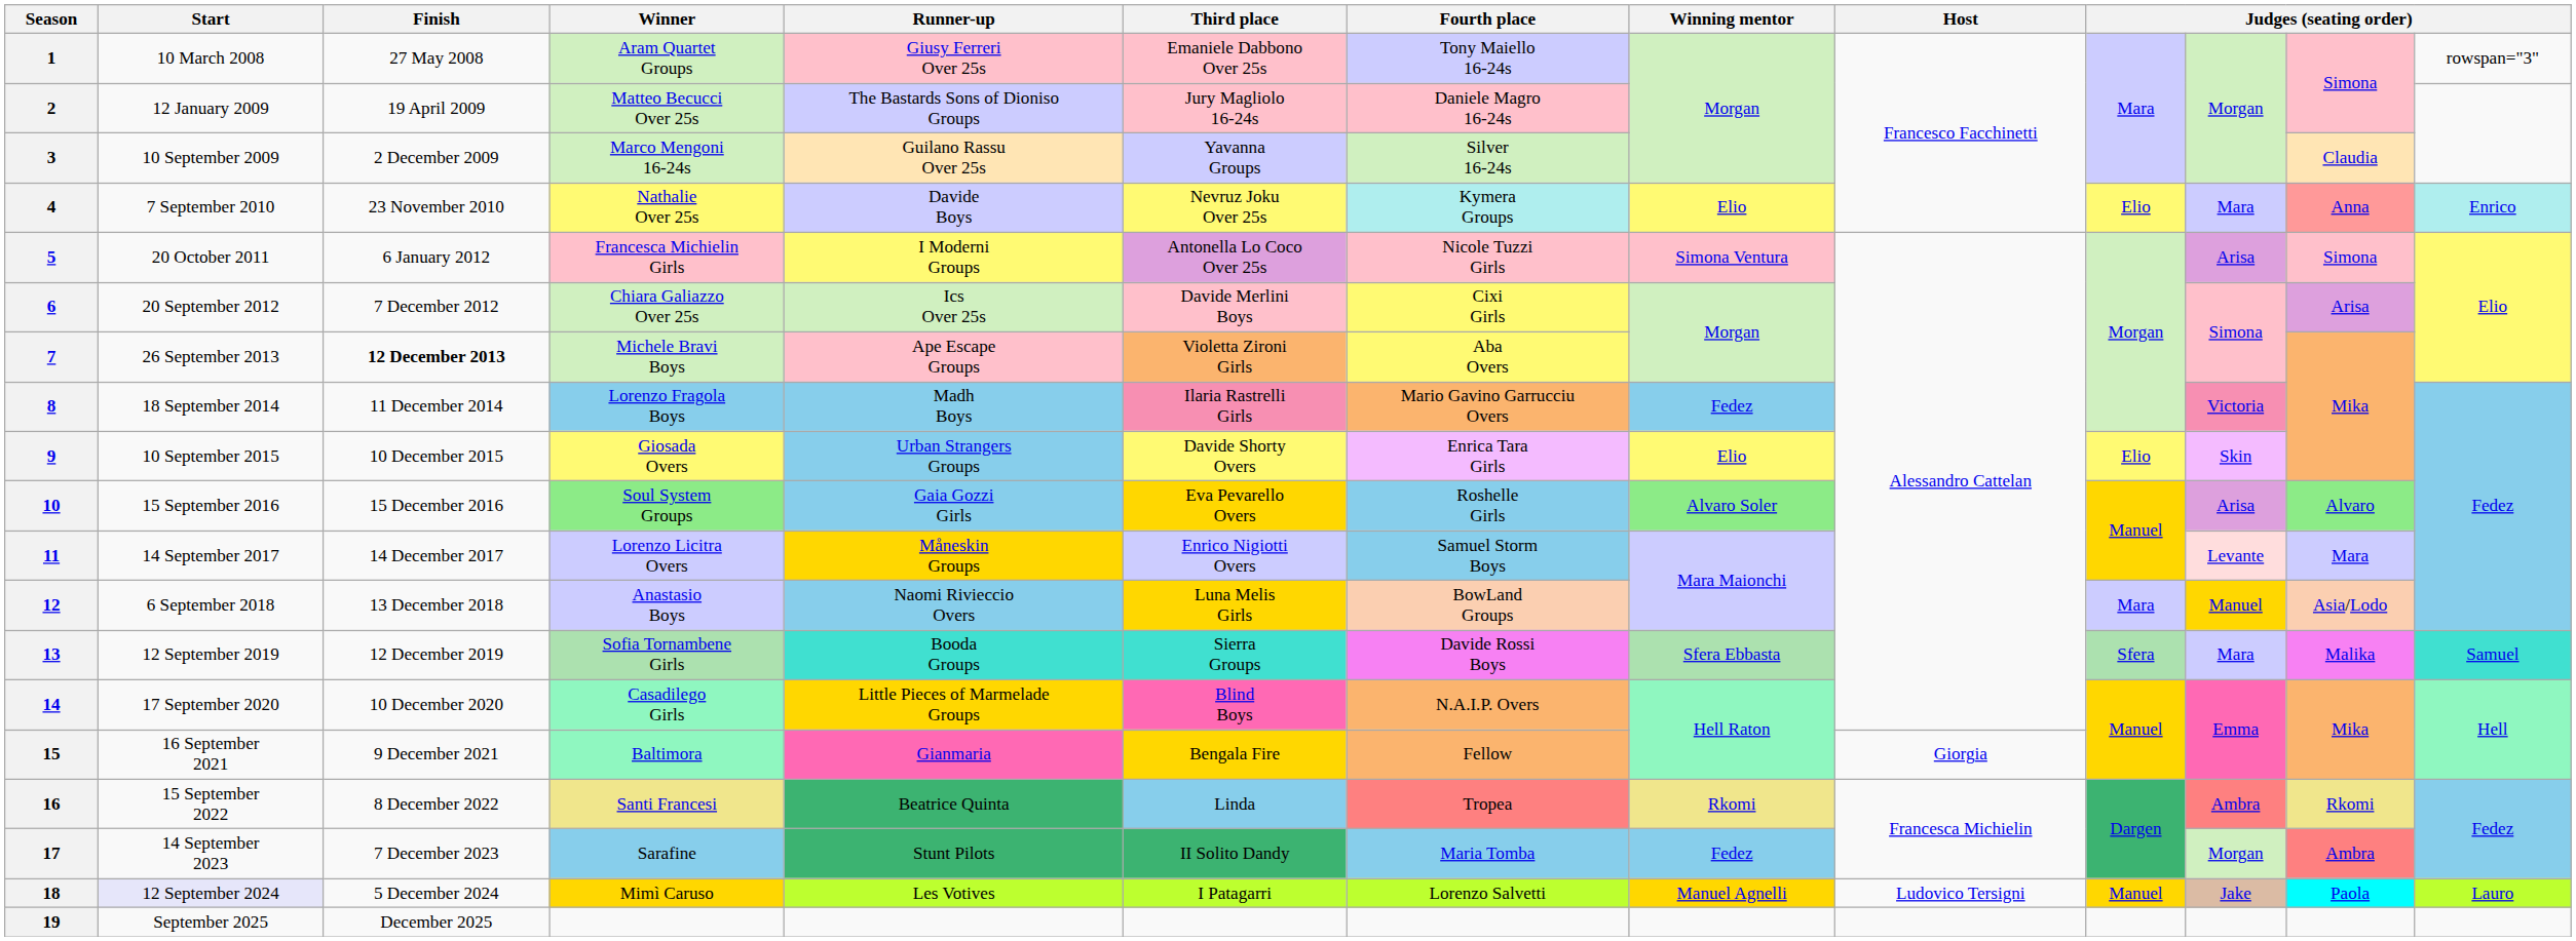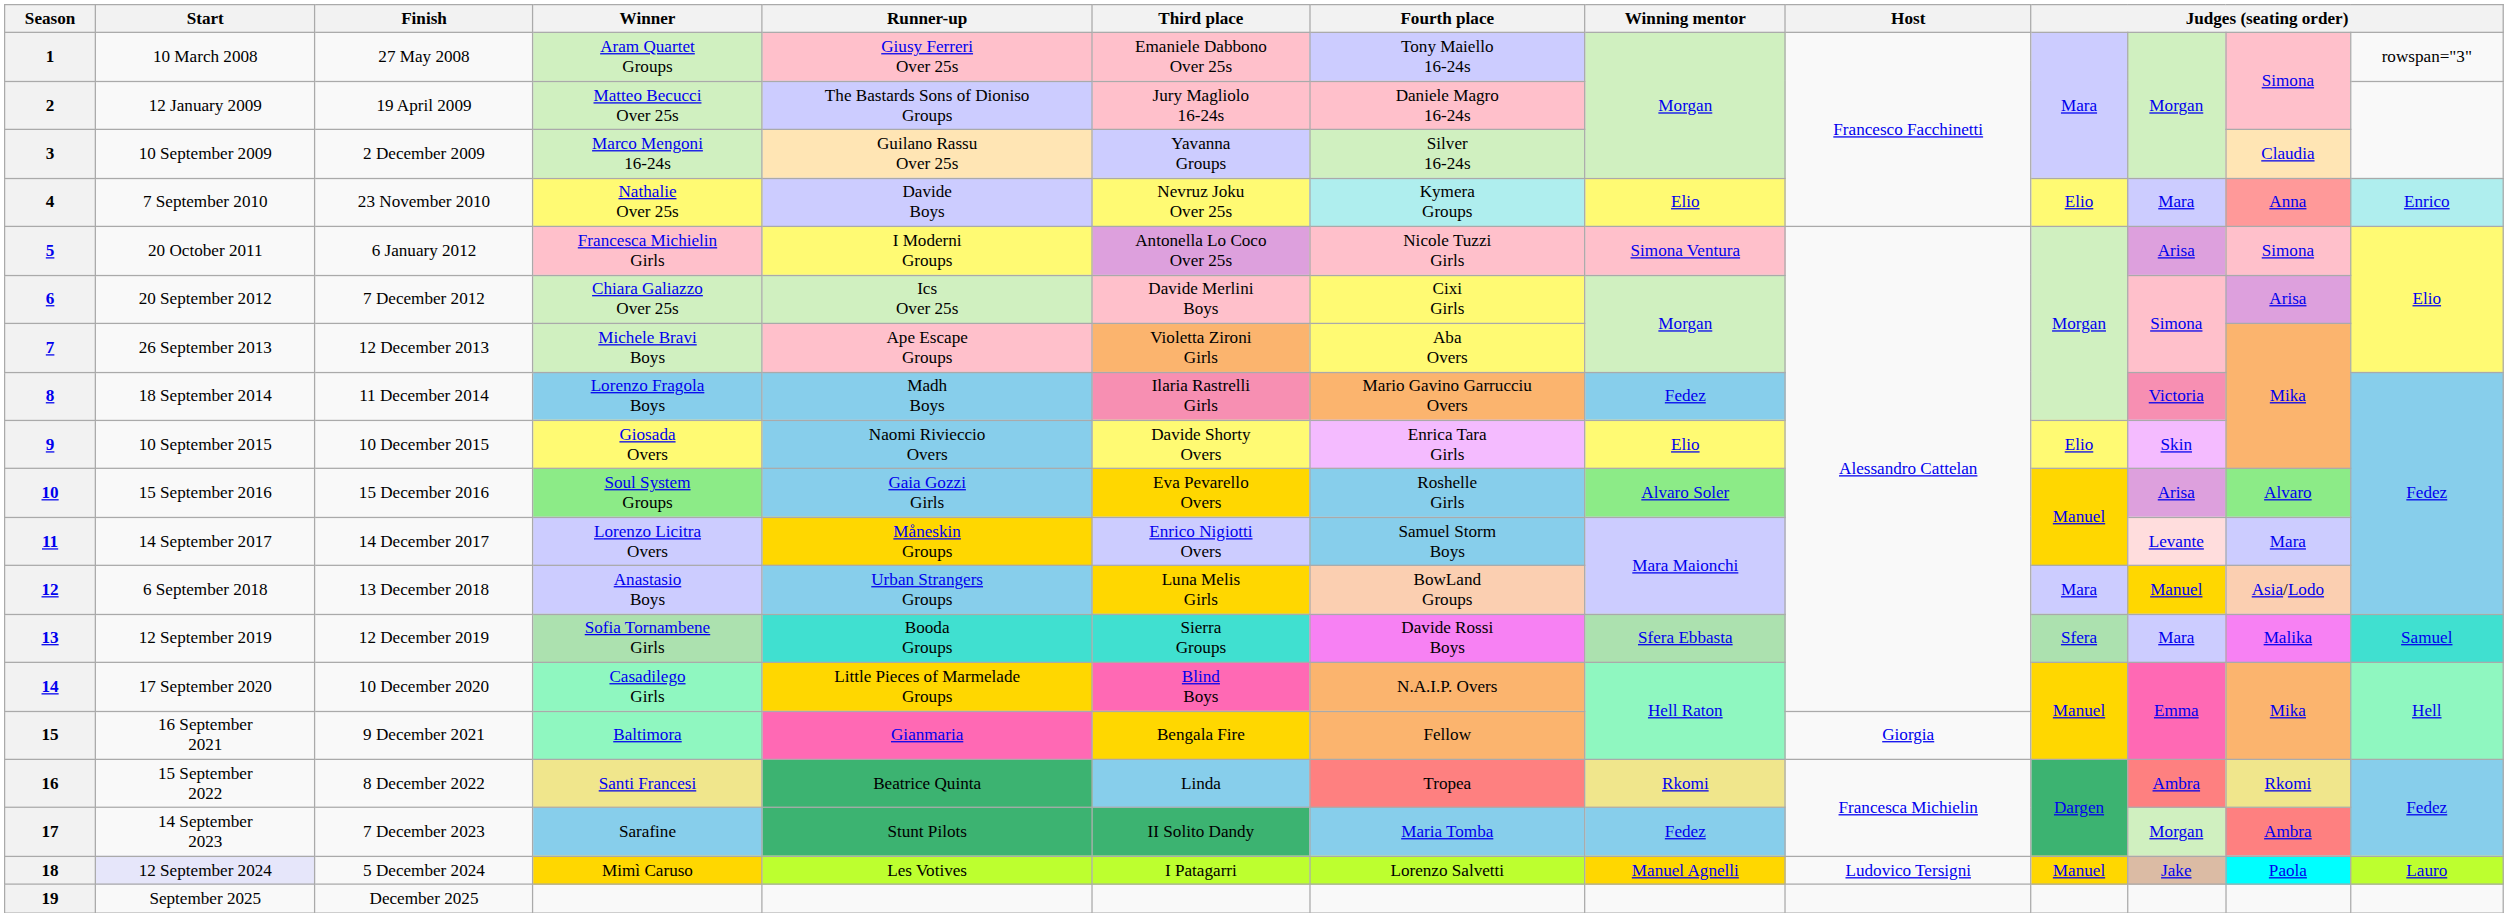 <table class="wikitable"  style="text-align:center; font-size:85%; line-height:16px; width:100%;">
 <tr>
 <th scope="col">Season</th>
 <th scope="col">Start</th>
 <th scope="col">Finish</th>
 <th scope="col">Winner</th>
 <th scope="col">Runner-up</th>
 <th scope="col">Third place</th>
 <th scope="col">Fourth place</th>
 <th scope="col">Winning mentor</th>
 <th scope="col">Host</th>
 <th scope="col" colspan="4">Judges (seating order)</th>
 </tr>
 <tr>
 <th scope="row">1</th>
 <td>10 March 2008</td>
 <td>27 May 2008</td>
 <td style="background:#d0f0c0;"><a href='#'>Aram Quartet</a><br>Groups</td>
 <td style="background:pink;"><a href='#'>Giusy Ferreri</a><br>Over 25s</td>
 <td style="background:pink;">Emaniele Dabbono<br>Over 25s</td>
 <td style="background:#ccf;">Tony Maiello<br>16-24s</td>
 <td rowspan="3" style="background:#d0f0c0;"><a href='#'>Morgan</a></td>
 <td rowspan="4"><a href='#'>Francesco Facchinetti</a></td>
 <td rowspan="3" style="background:#ccf;"><a href='#'>Mara</a></td>
 <td rowspan="3" style="background:#d0f0c0;"><a href='#'>Morgan</a></td>
 <td rowspan="2" style="background:pink;"><a href='#'>Simona</a></td>
 <td>rowspan="3" </td>
 </tr>
 <tr>
 <th scope="row">2</th>
 <td>12 January 2009</td>
 <td>19 April 2009</td>
 <td style="background:#d0f0c0;"><a href='#'>Matteo Becucci</a><br>Over 25s</td>
 <td style="background:#ccf;">The Bastards Sons of Dioniso<br>Groups</td>
 <td style="background:pink;">Jury Magliolo<br>16-24s</td>
 <td style="background:pink;">Daniele Magro<br>16-24s</td>
 </tr>
 <tr>
 <th scope="row">3</th>
 <td>10 September 2009</td>
 <td>2 December 2009</td>
 <td style="background:#d0f0c0;"><a href='#'>Marco Mengoni</a><br>16-24s</td>
 <td style="background:#ffe5b4;">Guilano Rassu<br>Over 25s</td>
 <td style="background:#ccf;">Yavanna<br>Groups</td>
 <td style="background:#d0f0c0;">Silver<br>16-24s</td>
 <td style="background:#ffe5b4;"><a href='#'>Claudia</a></td>
 </tr>
 <tr>
 <th scope="row">4</th>
 <td>7 September 2010</td>
 <td>23 November 2010</td>
 <td style="background:#fffa73;"><a href='#'>Nathalie</a><br>Over 25s</td>
 <td style="background:#ccf;">Davide<br>Boys</td>
 <td style="background:#fffa73;">Nevruz Joku<br>Over 25s</td>
 <td style="background:#afeeee;">Kymera<br>Groups</td>
 <td style="background:#fffa73;"><a href='#'>Elio</a></td>
 <td rowspan="1" style="background:#fffa73;"><a href='#'>Elio</a></td>
 <td rowspan="1" style="background:#ccf;"><a href='#'>Mara</a></td>
 <td style="background:#ff9999;"><a href='#'>Anna</a></td>
 <td style="background:#afeeee;"><a href='#'>Enrico</a></td>
 </tr>
 <tr>
 <th scope="row"><a href='#'>5</a></th>
 <td>20 October 2011</td>
 <td>6 January 2012</td>
 <td style="background:pink;"><a href='#'>Francesca Michielin</a><br>Girls</td>
 <td style="background:#fffa73;">I Moderni<br>Groups</td>
 <td style="background:#dda0dd;">Antonella Lo Coco<br>Over 25s</td>
 <td style="background:pink;">Nicole Tuzzi<br>Girls</td>
 <td style="background:pink;"><a href='#'>Simona Ventura</a></td>
 <td rowspan="10"><a href='#'>Alessandro Cattelan</a></td>
 <td rowspan="4" style="background:#d0f0c0;"><a href='#'>Morgan</a></td>
 <td rowspan="1" style="background:#dda0dd;"><a href='#'>Arisa</a></td>
 <td rowspan="1" style="background:pink;"><a href='#'>Simona</a></td>
 <td rowspan="3" style="background:#fffa73;"><a href='#'>Elio</a></td>
 </tr>
 <tr>
 <th scope="row"><a href='#'>6</a></th>
 <td>20 September 2012</td>
 <td>7 December 2012</td>
 <td style="background:#d0f0c0;"><a href='#'>Chiara Galiazzo</a><br>Over 25s</td>
 <td style="background:#d0f0c0;">Ics<br>Over 25s</td>
 <td style="background:pink;">Davide Merlini<br>Boys</td>
 <td style="background:#fffa73;">Cixi<br>Girls</td>
 <td rowspan="2" style="background:#d0f0c0;"><a href='#'>Morgan</a></td>
 <td rowspan="2" style="background:pink;"><a href='#'>Simona</a></td>
 <td rowspan="1" style="background:#dda0dd;"><a href='#'>Arisa</a></td>
 </tr>
 <tr>
 <th scope="row"><a href='#'>7</a></th>
 <td>26 September 2013</td>
-<td><strong>12 December 2013</strong></td>
+<td>12 December 2013</td>
 <td style="background:#d0f0c0;"><a href='#'>Michele Bravi</a><br>Boys</td>
 <td style="background:pink;">Ape Escape<br>Groups</td>
 <td style="background:#fbb46e;">Violetta Zironi<br>Girls</td>
 <td style="background:#fffa73;">Aba<br>Overs</td>
 <td rowspan="3" style="background:#fbb46e;"><a href='#'>Mika</a></td>
 </tr>
 <tr>
 <th scope="row"><a href='#'>8</a></th>
 <td>18 September 2014</td>
 <td>11 December 2014</td>
 <td style="background:#87ceeb;"><a href='#'>Lorenzo Fragola</a><br>Boys</td>
 <td style="background:#87ceeb;">Madh<br>Boys</td>
 <td style="background:#f78fb2;">Ilaria Rastrelli<br>Girls</td>
 <td style="background:#fbb46e;">Mario Gavino Garrucciu<br>Overs</td>
 <td style="background:#87ceeb;"><a href='#'>Fedez</a></td>
 <td style="background:#f78fb2;"><a href='#'>Victoria</a></td>
 <td rowspan="5" style="background:#87ceeb;"><a href='#'>Fedez</a></td>
 </tr>
 <tr>
 <th scope="row"><a href='#'>9</a></th>
 <td>10 September 2015</td>
 <td>10 December 2015</td>
 <td style="background:#fffa73;"><a href='#'>Giosada</a><br>Overs</td>
-<td style="background:#87ceeb;"><a href='#'>Urban Strangers</a><br>Groups</td>
+<td rowspan="1" style="background:#87ceeb;">Naomi Rivieccio<br>Overs</td>
 <td style="background:#fffa73;">Davide Shorty<br>Overs</td>
 <td style="background:#f4bbff;">Enrica Tara<br>Girls</td>
 <td style="background:#fffa73;"><a href='#'>Elio</a></td>
 <td style="background:#fffa73;"><a href='#'>Elio</a></td>
 <td style="background:#f4bbff;"><a href='#'>Skin</a></td>
 </tr>
 <tr>
 <th scope="row"><a href='#'>10</a></th>
 <td>15 September 2016</td>
 <td>15 December 2016</td>
 <td style="background:#8ceb87;"><a href='#'>Soul System</a><br>Groups</td>
 <td style="background:#87ceeb;"><a href='#'>Gaia Gozzi</a><br>Girls</td>
 <td style="background:gold;">Eva Pevarello<br>Overs</td>
 <td style="background:#87ceeb;">Roshelle<br>Girls</td>
 <td style="background:#8ceb87;"><a href='#'>Alvaro Soler</a></td>
 <td rowspan="2" style="background:gold;"><a href='#'>Manuel</a></td>
 <td style="background:#dda0dd;"><a href='#'>Arisa</a></td>
 <td style="background:#8ceb87;"><a href='#'>Alvaro</a></td>
 </tr>
 <tr>
 <th scope="row"><a href='#'>11</a></th>
 <td>14 September 2017</td>
 <td>14 December 2017</td>
 <td style="background:#ccf;"><a href='#'>Lorenzo Licitra</a><br>Overs</td>
 <td style="background:gold;"><a href='#'>Måneskin</a><br>Groups</td>
 <td style="background:#ccf;"><a href='#'>Enrico Nigiotti</a><br>Overs</td>
 <td style="background:#87ceeb;">Samuel Storm<br>Boys</td>
 <td rowspan="2" style="background:#ccf;"><a href='#'>Mara Maionchi</a></td>
 <td style="background:#ffdddd;"><a href='#'>Levante</a></td>
 <td style="background:#ccf;"><a href='#'>Mara</a></td>
 </tr>
 <tr>
 <th rowspan="1" scope="row"><a href='#'>12</a></th>
 <td rowspan="1">6 September 2018</td>
 <td rowspan="1">13 December 2018</td>
 <td rowspan="1" style="background:#ccf;"><a href='#'>Anastasio</a><br>Boys</td>
-<td rowspan="1" style="background:#87ceeb;">Naomi Rivieccio<br>Overs</td>
+<td style="background:#87ceeb;"><a href='#'>Urban Strangers</a><br>Groups</td>
 <td rowspan="1" style="background:gold;">Luna Melis<br>Girls</td>
 <td rowspan="1" style="background:#fbcfb1;">BowLand<br>Groups</td>
 <td rowspan="1" style="background:#ccf;"><a href='#'>Mara</a></td>
 <td rowspan="1" style="background:gold;"><a href='#'>Manuel</a></td>
 <td style="background:#fbcfb1"><a href='#'>Asia</a>/<a href='#'>Lodo</a></td>
 </tr>
 <tr>
 <th scope="row"><a href='#'>13</a></th>
 <td>12 September 2019</td>
 <td>12 December 2019</td>
 <td style="background:#ace1af;"><a href='#'>Sofia Tornambene</a><br>Girls</td>
 <td style="background:turquoise;">Booda<br>Groups</td>
 <td style="background:turquoise;">Sierra<br>Groups</td>
 <td style="background:#f781f3;">Davide Rossi<br>Boys</td>
 <td style="background:#ace1af;"><a href='#'>Sfera Ebbasta</a></td>
 <td style="background:#ace1af;"><a href='#'>Sfera</a></td>
 <td style="background:#ccf;"><a href='#'>Mara</a></td>
 <td style="background:#f781f3;"><a href='#'>Malika</a></td>
 <td style="background:turquoise;"><a href='#'>Samuel</a></td>
 </tr>
 <tr>
 <th scope="row"><a href='#'>14</a></th>
 <td>17 September 2020</td>
 <td>10 December 2020</td>
 <td style="background:#8ff7c0;"><a href='#'>Casadilego</a><br>Girls</td>
 <td style="background:gold;">Little Pieces of Marmelade<br>Groups</td>
 <td style="background:#FF69B4;"><a href='#'>Blind</a><br>Boys</td>
 <td style="background:#fbb46e;">N.A.I.P. Overs</td>
 <td rowspan="2" style="background:#8ff7c0;"><a href='#'>Hell Raton</a></td>
 <td rowspan="2" style="background:gold;"><a href='#'>Manuel</a></td>
 <td rowspan="2"  style="background:#FF69B4;"><a href='#'>Emma</a></td>
 <td rowspan="2"  style="background:#fbb46e;"><a href='#'>Mika</a></td>
 <td rowspan="2" style="background:#8ff7c0;"><a href='#'>Hell</a></td>
 </tr>
 <tr>
 <th scope="row">15</th>
 <td>16 September<br>2021</td>
 <td>9 December 2021</td>
 <td style="background:#8ff7c0;"><a href='#'>Baltimora</a></td>
 <td style="background:#FF69B4;"><a href='#'>Gianmaria</a></td>
 <td style="background:gold;">Bengala Fire</td>
 <td style="background:#fbb46e;">Fellow</td>
 <td><a href='#'>Giorgia</a></td>
 </tr>
 <tr>
 <th scope="row">16</th>
 <td>15 September<br>2022</td>
 <td>8 December 2022</td>
 <td style="background:Khaki;"><a href='#'>Santi Francesi</a></td>
 <td style="background:MediumSeaGreen;">Beatrice Quinta</td>
 <td style="background:#87ceeb;">Linda</td>
 <td style="background:#FE8080;">Tropea</td>
 <td style="background:Khaki;"><a href='#'>Rkomi</a></td>
 <td rowspan="2"><a href='#'>Francesca Michielin</a></td>
 <td style="background:MediumSeaGreen;" rowspan="2"><a href='#'>Dargen</a></td>
 <td style="background:#FE8080"><a href='#'>Ambra</a></td>
 <td style="background:Khaki;"><a href='#'>Rkomi</a></td>
 <td rowspan="2" style="background:#87ceeb;"><a href='#'>Fedez</a></td>
 </tr>
 <tr>
 <th scope="row">17</th>
 <td>14 September<br>2023</td>
 <td>7 December 2023</td>
 <td style="background:#87ceeb;">Sarafine</td>
 <td style="background:MediumSeaGreen;">Stunt Pilots</td>
 <td style="background:MediumSeaGreen;">II Solito Dandy</td>
 <td style="background:#87ceeb;"><a href='#'>Maria Tomba</a></td>
 <td style="background:#87ceeb;"><a href='#'>Fedez</a></td>
 <td style="background:#d0f0c0;"><a href='#'>Morgan</a></td>
 <td style="background:#FE8080"><a href='#'>Ambra</a></td>
 </tr>
 <tr>
 <th scope="row">18</th>
 <td style="background: lavender;">12 September 2024</td>
 <td>5 December 2024</td>
 <td style="background:gold;">Mimì Caruso</td>
 <td style="background:#bdff2f;">Les Votives</td>
 <td style="background:#bdff2f;">I Patagarri</td>
 <td style="background:#bdff2f;">Lorenzo Salvetti</td>
 <td style="background:gold;"><a href='#'>Manuel Agnelli</a></td>
 <td rowspan="1"><a href='#'>Ludovico Tersigni</a></td>
 <td style="background:gold;"><a href='#'>Manuel</a></td>
 <td style="background:#dbbba4;"><a href='#'>Jake</a></td>
 <td style="background:#00FFFF;"><a href='#'>Paola</a></td>
 <td style="background:#bdff2f;"><a href='#'>Lauro</a></td>
 </tr>
 <tr>
 <th>19</th>
 <td>September 2025</td>
 <td>December 2025</td>
 <td></td>
 <td></td>
 <td></td>
 <td></td>
 <td></td>
 <td></td>
 <td></td>
 <td></td>
 <td></td>
 <td></td>
 </tr>
 </table>
